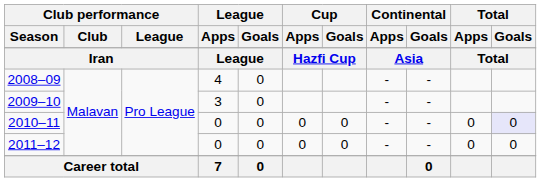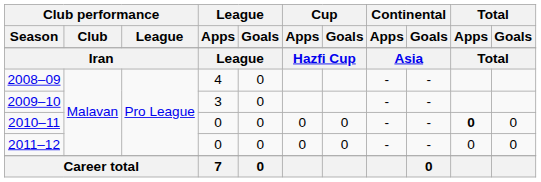 <table class="wikitable" style="text-align:center">
 <tr>
 <th colspan=3>Club performance</th>
 <th colspan=2>League</th>
 <th colspan=2>Cup</th>
 <th colspan=2>Continental</th>
 <th colspan=2>Total</th>
 </tr>
 <tr>
 <th>Season</th>
 <th>Club</th>
 <th>League</th>
 <th>Apps</th>
 <th>Goals</th>
 <th>Apps</th>
 <th>Goals</th>
 <th>Apps</th>
 <th>Goals</th>
 <th>Apps</th>
 <th>Goals</th>
 </tr>
 <tr>
 </tr>
 <tr>
 <th colspan=3>Iran</th>
 <th colspan=2>League</th>
 <th colspan=2><a href='#'>Hazfi Cup</a></th>
 <th colspan=2><a href='#'>Asia</a></th>
 <th colspan=2>Total</th>
 </tr>
 <tr>
 <td><a href='#'>2008–09</a></td>
 <td rowspan="4"><a href='#'>Malavan</a></td>
 <td rowspan="4"><a href='#'>Pro League</a></td>
 <td>4</td>
 <td>0</td>
 <td></td>
 <td></td>
 <td>-</td>
 <td>-</td>
 <td></td>
 <td></td>
 </tr>
 <tr>
 <td><a href='#'>2009–10</a></td>
 <td>3</td>
 <td>0</td>
 <td></td>
 <td></td>
 <td>-</td>
 <td>-</td>
 <td></td>
 <td></td>
 </tr>
 <tr>
 <td><a href='#'>2010–11</a></td>
 <td>0</td>
 <td>0</td>
 <td>0</td>
 <td>0</td>
 <td>-</td>
 <td>-</td>
+<td><strong>0</strong></td>
 <td>0</td>
-<td style="background: lavender;">0</td>
 </tr>
 <tr>
 <td><a href='#'>2011–12</a></td>
 <td>0</td>
 <td>0</td>
 <td>0</td>
 <td>0</td>
 <td>-</td>
 <td>-</td>
 <td>0</td>
 <td>0</td>
 </tr>
 <tr>
 </tr>
 <tr>
 <th colspan=3>Career total</th>
 <th>7</th>
 <th>0</th>
 <th></th>
 <th></th>
 <th></th>
 <th>0</th>
 <th></th>
 <th></th>
 </tr>
 </table>
